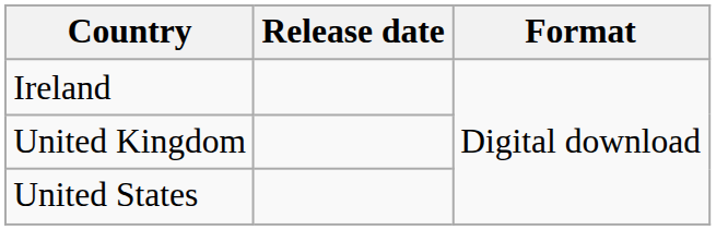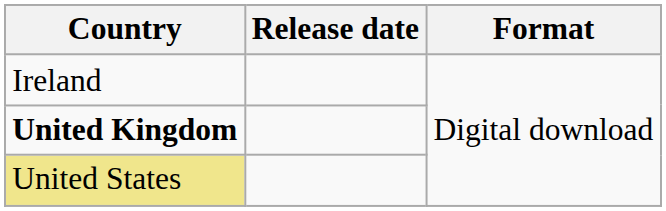 <table class="wikitable">
 <tr>
 <th>Country</th>
 <th>Release date</th>
 <th>Format</th>
 </tr>
 <tr>
 <td>Ireland</td>
 <td></td>
 <td rowspan="3">Digital download</td>
 </tr>
 <tr>
-<td>United Kingdom</td>
+<td><strong>United Kingdom</strong></td>
 <td></td>
 </tr>
 <tr>
-<td>United States</td>
+<td style="background: khaki;">United States</td>
 <td></td>
 </tr>
 </table>
